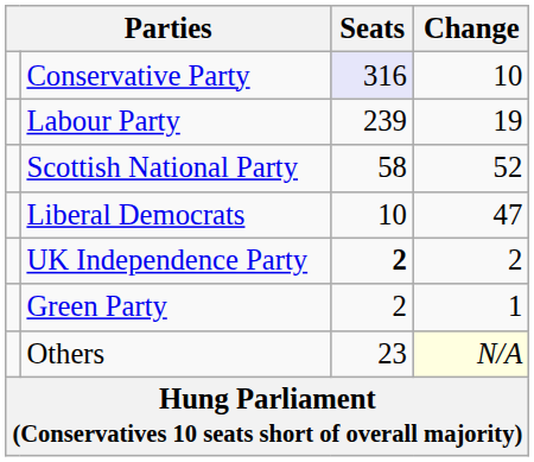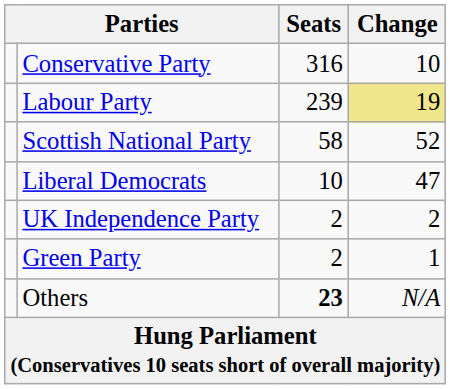 <table class="wikitable">
 <tr>
 <th colspan="2" style="vertical-align:top;">Parties</th>
 <th style="vertical-align:top;">Seats</th>
 <th style="vertical-align:top;">Change</th>
 </tr>
 <tr>
 <td style="color:inherit;background:"></td>
 <td><a href='#'>Conservative Party</a></td>
-<td style="background: lavender; text-align:right;">316</td>
+<td style="text-align:right;">316</td>
 <td style="text-align:right;"> 10</td>
 </tr>
 <tr>
 <td style="color:inherit;background:"></td>
 <td><a href='#'>Labour Party</a></td>
 <td style="text-align:right;">239</td>
-<td style="text-align:right;"> 19</td>
+<td style="background: khaki; text-align:right;"> 19</td>
 </tr>
 <tr>
 <td style="color:inherit;background:"></td>
 <td><a href='#'>Scottish National Party</a></td>
 <td style="text-align:right;">58</td>
 <td style="text-align:right;"> 52</td>
 </tr>
 <tr>
 <td style="color:inherit;background:"></td>
 <td><a href='#'>Liberal Democrats</a></td>
 <td style="text-align:right;">10</td>
 <td style="text-align:right;"> 47</td>
 </tr>
 <tr>
 <td style="color:inherit;background:"></td>
 <td><a href='#'>UK Independence Party</a></td>
-<td style="text-align:right;"><strong>2</strong></td>
+<td style="text-align:right;">2</td>
 <td style="text-align:right;"> 2</td>
 </tr>
 <tr>
 <td style="color:inherit;background:"></td>
 <td><a href='#'>Green Party</a></td>
 <td style="text-align:right;">2</td>
 <td style="text-align:right;"> 1</td>
 </tr>
 <tr>
 <td style="color:inherit;background:"></td>
 <td>Others</td>
-<td style="text-align:right;">23</td>
-<td style="background: lightyellow; text-align:right;"><em>N/A</em></td>
+<td style="text-align:right;"><strong>23</strong></td>
+<td style="text-align:right;"><em>N/A</em></td>
 </tr>
 <tr>
 <th colspan=4 style="text-align:center; color:"><strong>Hung Parliament</strong> <br> <small>(Conservatives 10 seats short of overall majority)</small></th>
 </tr>
 </table>
